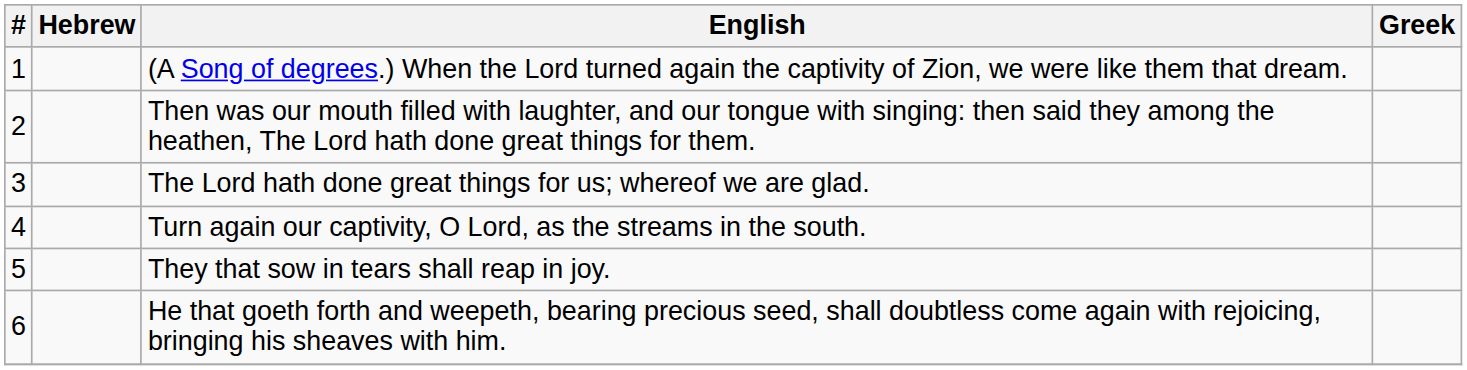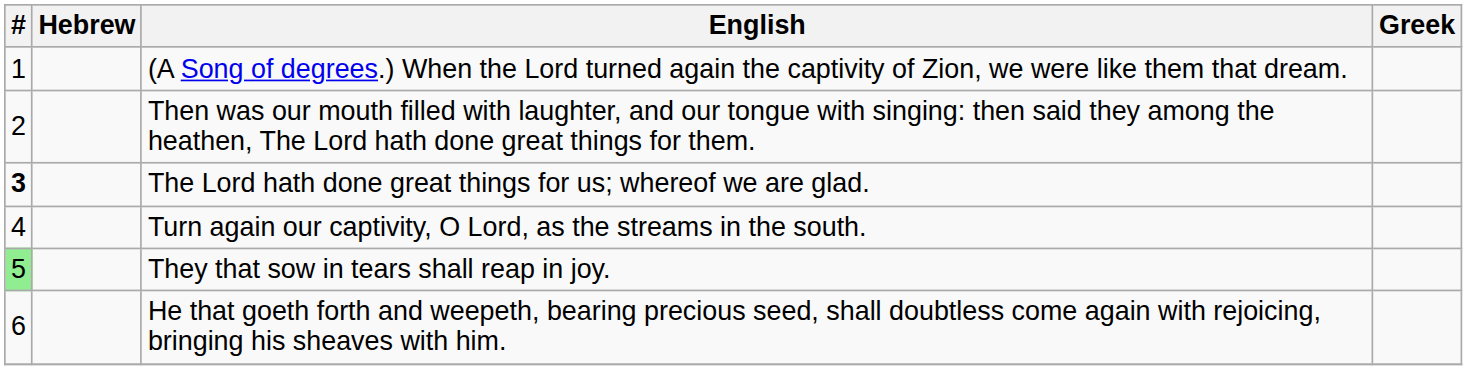 <table class=wikitable>
 <tr>
 <th>#</th>
 <th>Hebrew</th>
 <th>English</th>
 <th>Greek</th>
 </tr>
 <tr>
 <td style="text-align:right">1</td>
 <td style="text-align:right"></td>
 <td>(A <a href='#'>Song of degrees</a>.) When the Lord turned again the captivity of Zion, we were like them that dream.</td>
 <td></td>
 </tr>
 <tr>
 <td style="text-align:right">2</td>
 <td style="text-align:right"></td>
 <td>Then was our mouth filled with laughter, and our tongue with singing: then said they among the heathen, The Lord hath done great things for them.</td>
 <td></td>
 </tr>
 <tr>
-<td style="text-align:right">3</td>
+<td style="text-align:right"><strong>3</strong></td>
 <td style="text-align:right"></td>
 <td>The Lord hath done great things for us; whereof we are glad.</td>
 <td></td>
 </tr>
 <tr>
 <td style="text-align:right">4</td>
 <td style="text-align:right"></td>
 <td>Turn again our captivity, O Lord, as the streams in the south.</td>
 <td></td>
 </tr>
 <tr>
-<td style="text-align:right">5</td>
+<td style="background: lightgreen; text-align:right">5</td>
 <td style="text-align:right"></td>
 <td>They that sow in tears shall reap in joy.</td>
 <td></td>
 </tr>
 <tr>
 <td style="text-align:right">6</td>
 <td style="text-align:right"></td>
 <td>He that goeth forth and weepeth, bearing precious seed, shall doubtless come again with rejoicing, bringing his sheaves with him.</td>
 <td></td>
 </tr>
 <tr>
 </tr>
 </table>
